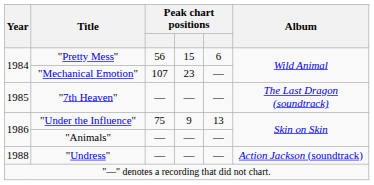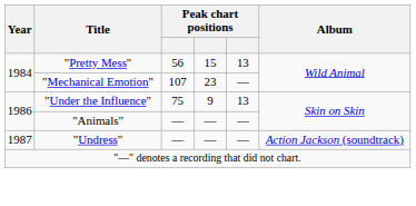 <table class="wikitable plainrowheaders" style="text-align:center;">
 <tr>
 <th scope="col" rowspan="2" style="width:0.5em;">Year</th>
 <th scope="col" rowspan="2" style="width:10em;">Title</th>
 <th colspan="3" scope="col">Peak chart positions</th>
 <th scope="col" rowspan="2" style="width:12em;"><br>Album<br><br></th>
 </tr>
 <tr>
 <th scope="col" style="width:2.9em;font-size:80%;"><br></th>
 <th scope="col" style="width:2.9em;font-size:80%;"></th>
 <th scope="col" style="width:2.9em;font-size:80%;"><br></th>
 </tr>
 <tr>
 <td rowspan="2">1984</td>
 <td>"<a href='#'>Pretty Mess</a>"</td>
 <td>56</td>
 <td>15</td>
-<td>6</td>
+<td>13</td>
 <td rowspan=2><em><a href='#'>Wild Animal</a></em></td>
 </tr>
 <tr>
 <td>"<a href='#'>Mechanical Emotion</a>"</td>
 <td>107</td>
 <td>23</td>
 <td>—</td>
-</tr>
-<tr>
-<td>1985</td>
-<td>"<a href='#'>7th Heaven</a>"</td>
-<td>—</td>
-<td>—</td>
-<td>—</td>
-<td><em><a href='#'>The Last Dragon (soundtrack)</a></em></td>
 </tr>
 <tr>
 <td rowspan="2">1986</td>
 <td>"<a href='#'>Under the Influence</a>"</td>
 <td>75</td>
 <td>9</td>
 <td>13</td>
 <td rowspan=2><em><a href='#'>Skin on Skin</a></em></td>
 </tr>
 <tr>
 <td>"Animals"</td>
 <td>—</td>
 <td>—</td>
 <td>—</td>
 </tr>
 <tr>
-<td>1988</td>
+<td>1987</td>
 <td>"<a href='#'>Undress</a>"</td>
 <td>—</td>
 <td>—</td>
 <td>—</td>
 <td><a href='#'><em>Action Jackson</em> (soundtrack)</a></td>
 </tr>
 <tr>
 <td colspan="6" style="font-size:90%">"—" denotes a recording that did not chart.</td>
 </tr>
 </table>
